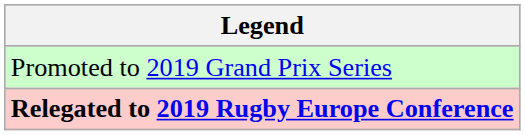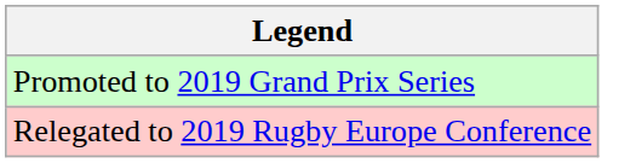 <table class="wikitable">
 <tr>
 <th>Legend</th>
 </tr>
 <tr bgcolor=ccffcc>
 <td>Promoted to <a href='#'>2019 Grand Prix Series</a></td>
 </tr>
 <tr bgcolor=ffcccc>
-<td><strong>Relegated to <a href='#'>2019 Rugby Europe Conference</a></strong></td>
+<td>Relegated to <a href='#'>2019 Rugby Europe Conference</a></td>
 </tr>
 </table>
